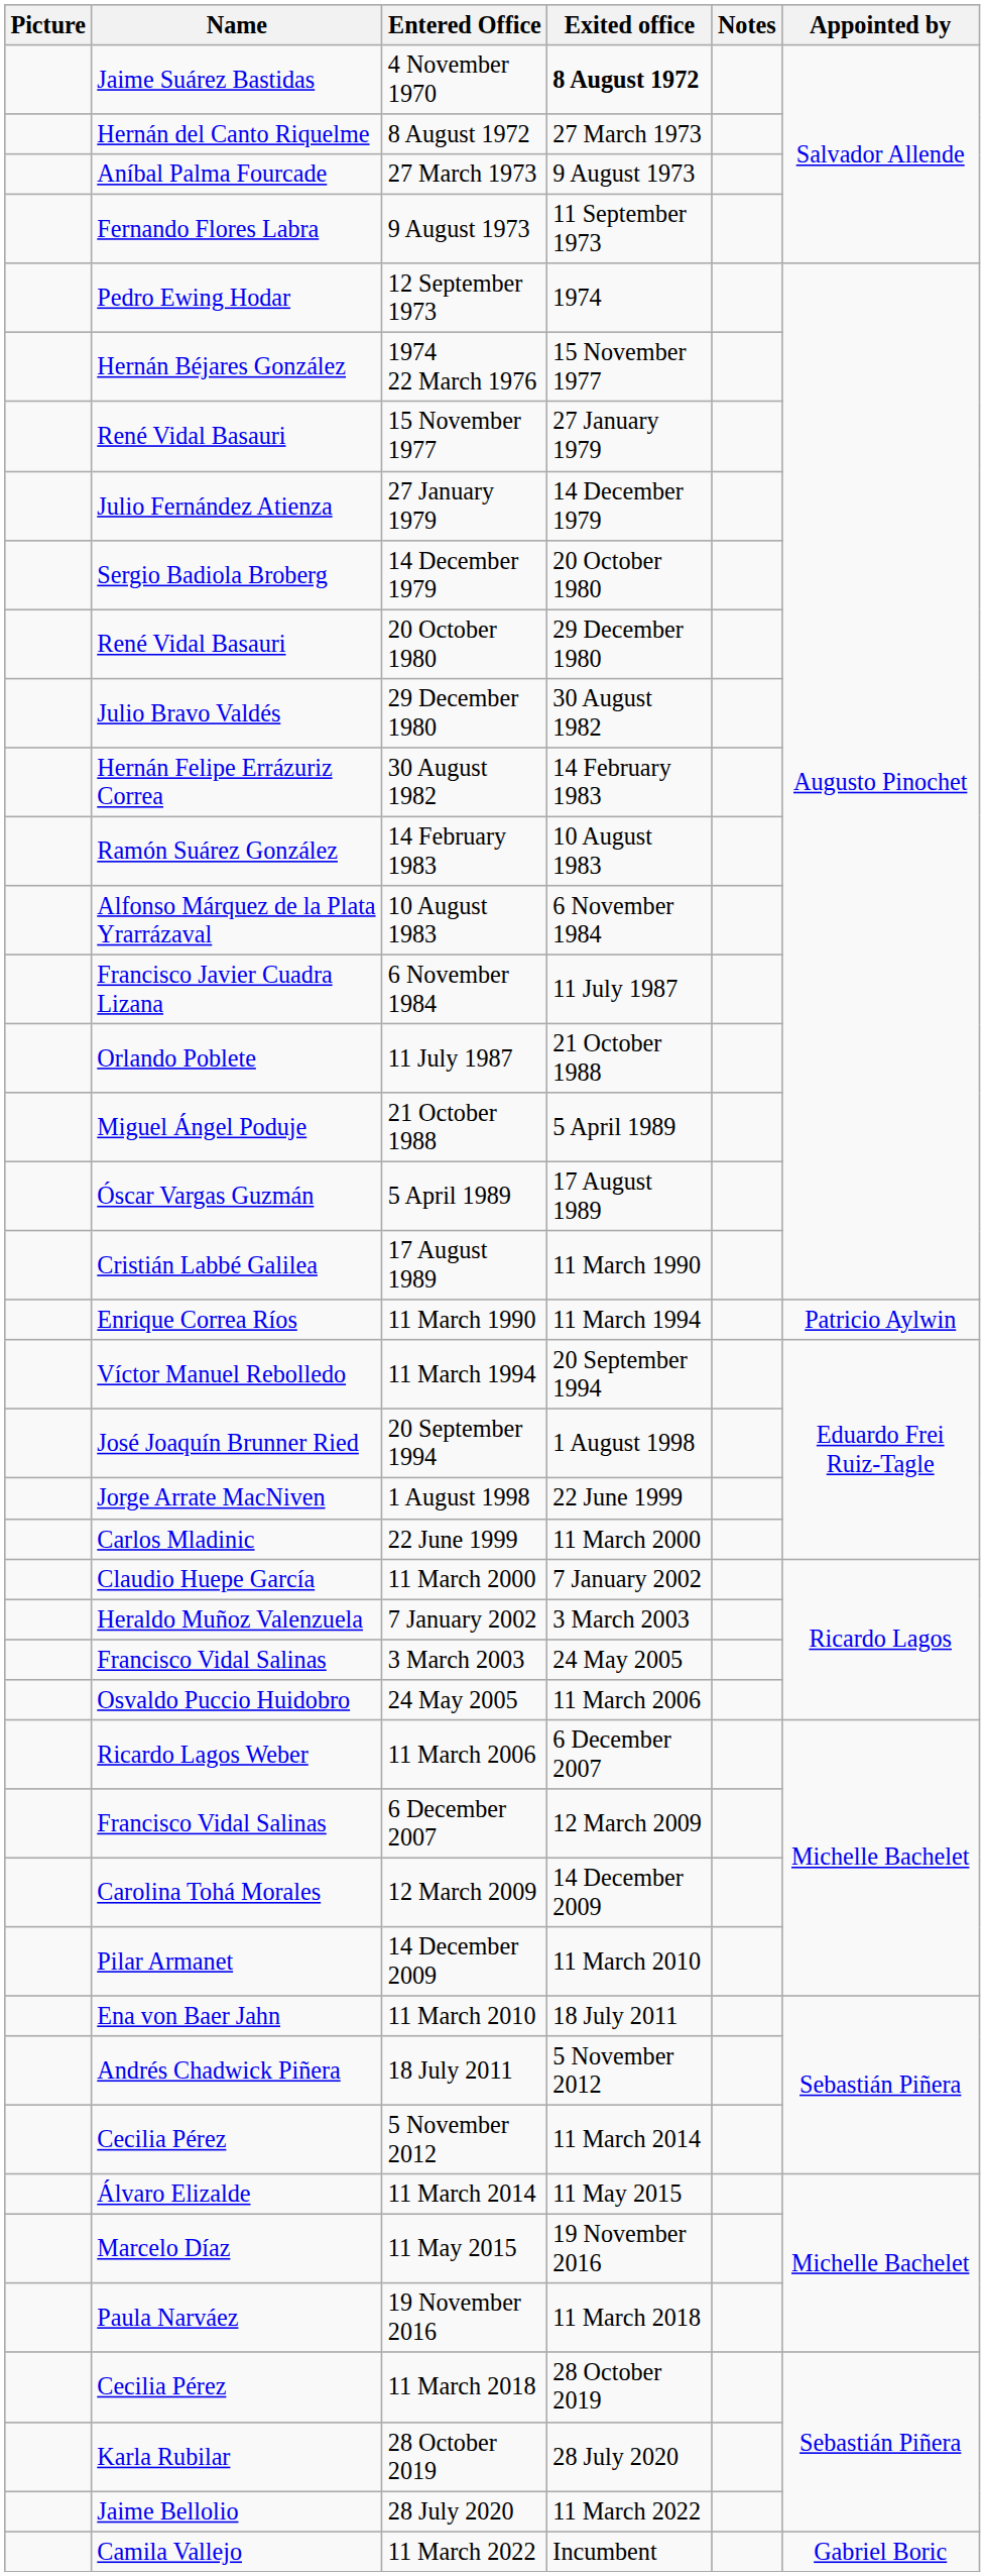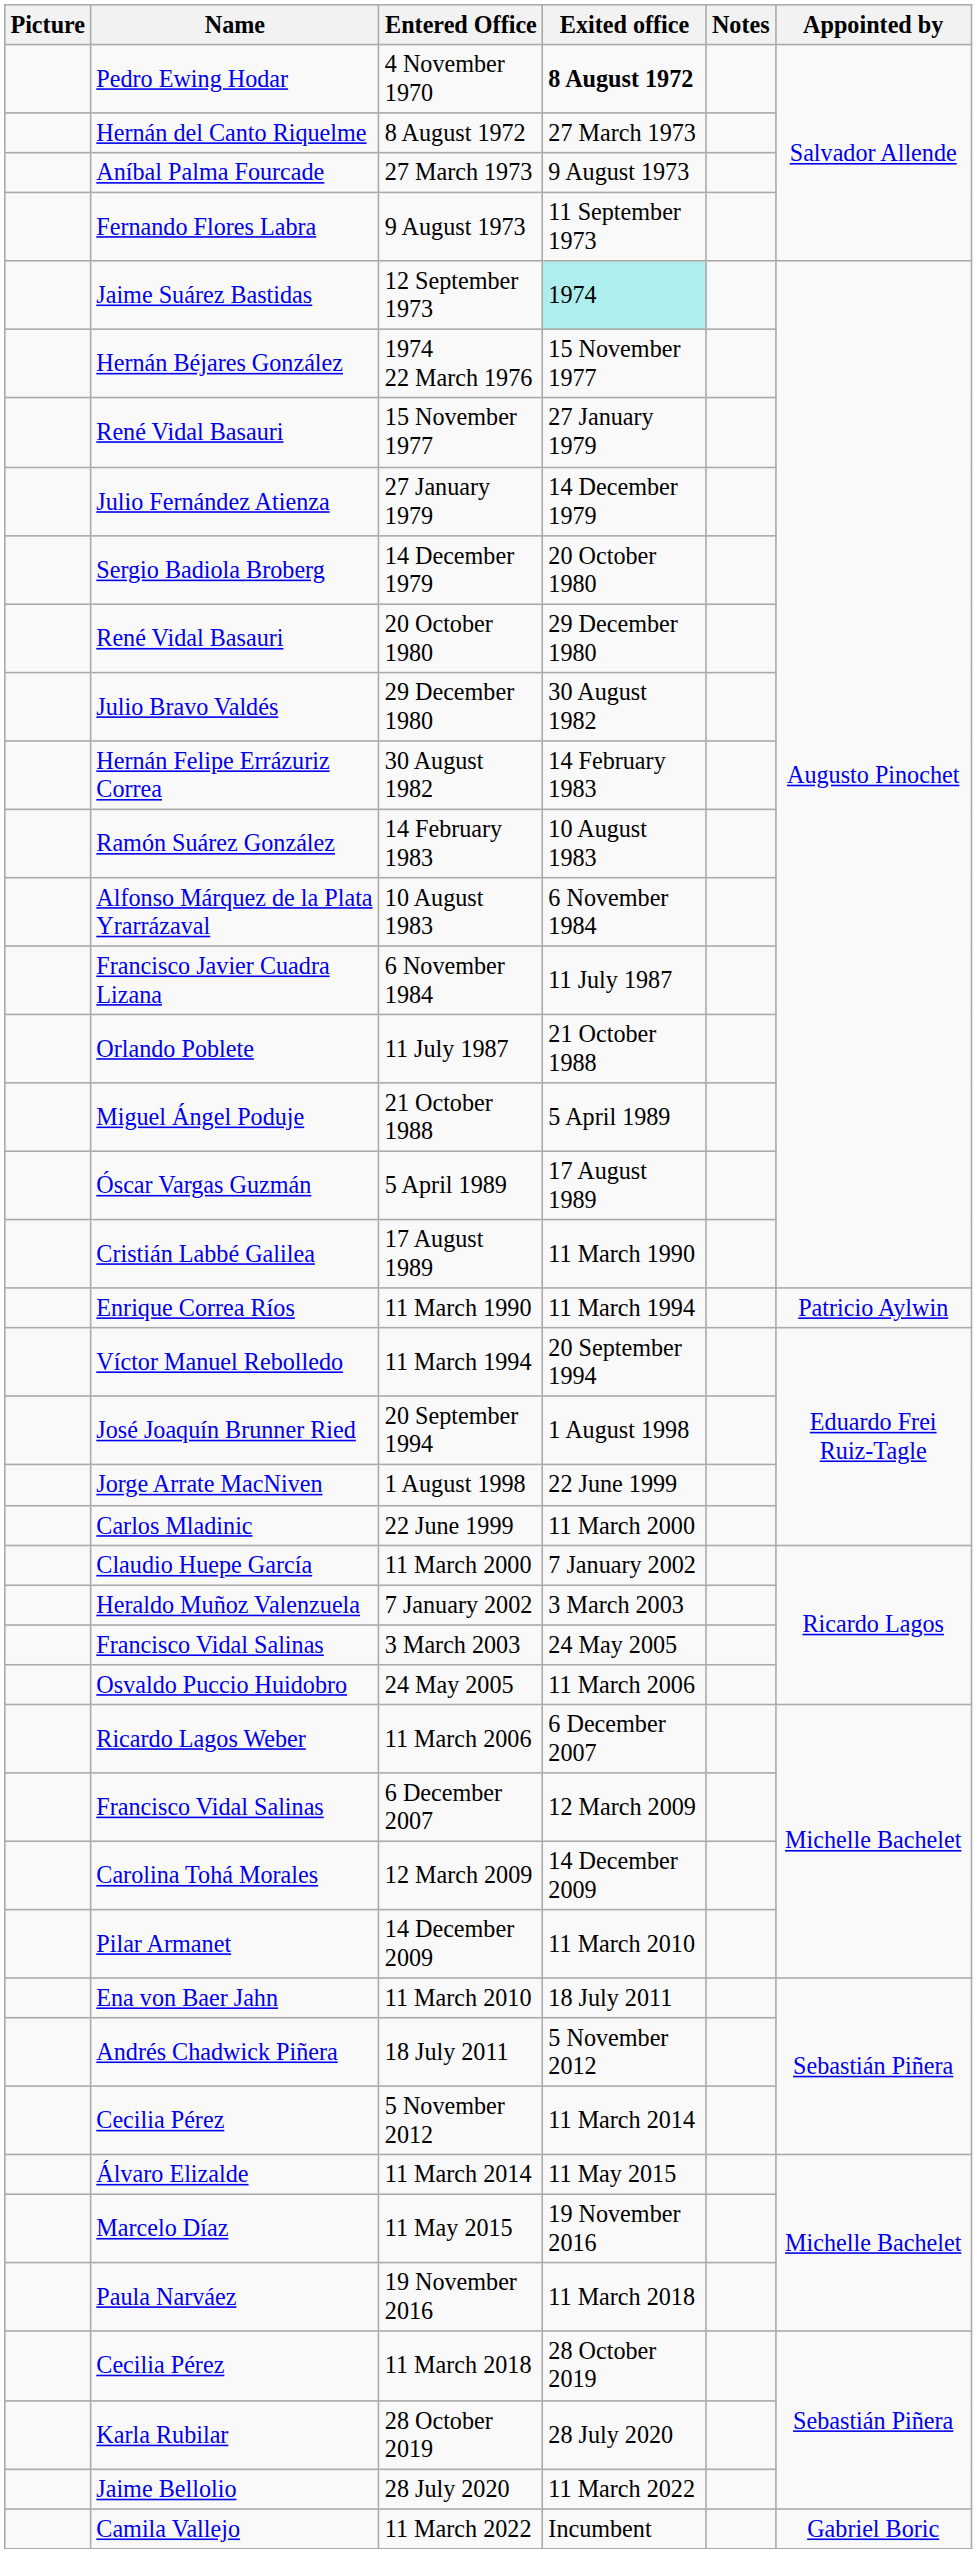 <table class="wikitable" style="font-size: 95%;">
 <tr>
 <th>Picture</th>
 <th>Name</th>
 <th>Entered Office</th>
 <th>Exited office</th>
 <th>Notes</th>
 <th>Appointed by</th>
 </tr>
 <tr>
 <td></td>
-<td><a href='#'>Jaime Suárez Bastidas</a></td>
+<td><a href='#'>Pedro Ewing Hodar</a></td>
 <td>4 November 1970</td>
 <td><strong>8 August 1972</strong></td>
 <td></td>
 <td rowspan=4 align=center><a href='#'>Salvador Allende</a></td>
 </tr>
 <tr>
 <td></td>
 <td><a href='#'>Hernán del Canto Riquelme</a></td>
 <td>8 August 1972</td>
 <td>27 March 1973</td>
 <td></td>
 </tr>
 <tr>
 <td></td>
 <td><a href='#'>Aníbal Palma Fourcade</a></td>
 <td>27 March 1973</td>
 <td>9 August 1973</td>
 <td></td>
 </tr>
 <tr>
 <td></td>
 <td><a href='#'>Fernando Flores Labra</a></td>
 <td>9 August 1973</td>
 <td>11 September 1973</td>
 <td></td>
 </tr>
 <tr>
 <td></td>
-<td><a href='#'>Pedro Ewing Hodar</a></td>
+<td><a href='#'>Jaime Suárez Bastidas</a></td>
 <td>12 September 1973</td>
-<td>1974</td>
+<td style="background: paleturquoise;">1974</td>
 <td></td>
 <td rowspan=15 align=center><a href='#'>Augusto Pinochet</a></td>
 </tr>
 <tr>
 <td></td>
 <td><a href='#'>Hernán Béjares González</a></td>
 <td>1974<br>22 March 1976</td>
 <td>15 November 1977</td>
 <td></td>
 </tr>
 <tr>
 <td></td>
 <td><a href='#'>René Vidal Basauri</a></td>
 <td>15 November 1977</td>
 <td>27 January 1979</td>
 <td></td>
 </tr>
 <tr>
 <td></td>
 <td><a href='#'>Julio Fernández Atienza</a></td>
 <td>27 January 1979</td>
 <td>14 December 1979</td>
 <td></td>
 </tr>
 <tr>
 <td></td>
 <td><a href='#'>Sergio Badiola Broberg</a></td>
 <td>14 December 1979</td>
 <td>20 October 1980</td>
 <td></td>
 </tr>
 <tr>
 <td></td>
 <td><a href='#'>René Vidal Basauri</a></td>
 <td>20 October 1980</td>
 <td>29 December 1980</td>
 <td></td>
 </tr>
 <tr>
 <td></td>
 <td><a href='#'>Julio Bravo Valdés</a></td>
 <td>29 December 1980</td>
 <td>30 August 1982</td>
 <td></td>
 </tr>
 <tr>
 <td></td>
 <td><a href='#'>Hernán Felipe Errázuriz Correa</a></td>
 <td>30 August 1982</td>
 <td>14 February 1983</td>
 <td></td>
 </tr>
 <tr>
 <td></td>
 <td><a href='#'>Ramón Suárez González</a></td>
 <td>14 February 1983</td>
 <td>10 August 1983</td>
 <td></td>
 </tr>
 <tr>
 <td></td>
 <td><a href='#'>Alfonso Márquez de la Plata Yrarrázaval</a></td>
 <td>10 August 1983</td>
 <td>6 November 1984</td>
 <td></td>
 </tr>
 <tr>
 <td></td>
 <td><a href='#'>Francisco Javier Cuadra Lizana</a></td>
 <td>6 November 1984</td>
 <td>11 July 1987</td>
 <td></td>
 </tr>
 <tr>
 <td></td>
 <td><a href='#'>Orlando Poblete</a></td>
 <td>11 July 1987</td>
 <td>21 October 1988</td>
 <td></td>
 </tr>
 <tr>
 <td></td>
 <td><a href='#'>Miguel Ángel Poduje</a></td>
 <td>21 October 1988</td>
 <td>5 April 1989</td>
 <td></td>
 </tr>
 <tr>
 <td></td>
 <td><a href='#'>Óscar Vargas Guzmán</a></td>
 <td>5 April 1989</td>
 <td>17 August 1989</td>
 <td></td>
 </tr>
 <tr>
 <td></td>
 <td><a href='#'>Cristián Labbé Galilea</a></td>
 <td>17 August 1989</td>
 <td>11 March 1990</td>
 <td></td>
 </tr>
 <tr>
 <td></td>
 <td><a href='#'>Enrique Correa Ríos</a></td>
 <td>11 March 1990</td>
 <td>11 March 1994</td>
 <td></td>
 <td align=center><a href='#'>Patricio Aylwin</a></td>
 </tr>
 <tr>
 <td></td>
 <td><a href='#'>Víctor Manuel Rebolledo</a></td>
 <td>11 March 1994</td>
 <td>20 September 1994</td>
 <td></td>
 <td rowspan=4 align=center><a href='#'>Eduardo Frei Ruiz-Tagle</a></td>
 </tr>
 <tr>
 <td></td>
 <td><a href='#'>José Joaquín Brunner Ried</a></td>
 <td>20 September 1994</td>
 <td>1 August 1998</td>
 <td></td>
 </tr>
 <tr>
 <td></td>
 <td><a href='#'>Jorge Arrate MacNiven</a></td>
 <td>1 August 1998</td>
 <td>22 June 1999</td>
 <td></td>
 </tr>
 <tr>
 <td></td>
 <td><a href='#'>Carlos Mladinic</a></td>
 <td>22 June 1999</td>
 <td>11 March 2000</td>
 <td></td>
 </tr>
 <tr>
 <td></td>
 <td><a href='#'>Claudio Huepe García</a></td>
 <td>11 March 2000</td>
 <td>7 January 2002</td>
 <td></td>
 <td rowspan=4 align=center><a href='#'>Ricardo Lagos</a></td>
 </tr>
 <tr>
 <td></td>
 <td><a href='#'>Heraldo Muñoz Valenzuela</a></td>
 <td>7 January 2002</td>
 <td>3 March 2003</td>
 <td></td>
 </tr>
 <tr>
 <td></td>
 <td><a href='#'>Francisco Vidal Salinas</a></td>
 <td>3 March 2003</td>
 <td>24 May 2005</td>
 <td></td>
 </tr>
 <tr>
 <td></td>
 <td><a href='#'>Osvaldo Puccio Huidobro</a></td>
 <td>24 May 2005</td>
 <td>11 March 2006</td>
 <td></td>
 </tr>
 <tr>
 <td></td>
 <td><a href='#'>Ricardo Lagos Weber</a></td>
 <td>11 March 2006</td>
 <td>6 December 2007</td>
 <td></td>
 <td rowspan=4 align=center><a href='#'>Michelle Bachelet</a></td>
 </tr>
 <tr>
 <td></td>
 <td><a href='#'>Francisco Vidal Salinas</a></td>
 <td>6 December 2007</td>
 <td>12 March 2009</td>
 </tr>
 <tr>
 <td></td>
 <td><a href='#'>Carolina Tohá Morales</a></td>
 <td>12 March 2009</td>
 <td>14 December 2009</td>
 <td></td>
 </tr>
 <tr>
 <td></td>
 <td><a href='#'>Pilar Armanet</a></td>
 <td>14 December 2009</td>
 <td>11 March 2010</td>
 <td></td>
 </tr>
 <tr>
 <td></td>
 <td><a href='#'>Ena von Baer Jahn</a></td>
 <td>11 March 2010</td>
 <td>18 July 2011</td>
 <td></td>
 <td rowspan=3 align=center><a href='#'>Sebastián Piñera</a></td>
 </tr>
 <tr>
 <td></td>
 <td><a href='#'>Andrés Chadwick Piñera</a></td>
 <td>18 July 2011</td>
 <td>5 November 2012</td>
 <td></td>
 </tr>
 <tr>
 <td></td>
 <td><a href='#'>Cecilia Pérez</a></td>
 <td>5 November 2012</td>
 <td>11 March 2014</td>
 <td></td>
 </tr>
 <tr>
 <td></td>
 <td><a href='#'>Álvaro Elizalde</a></td>
 <td>11 March 2014</td>
 <td>11 May 2015</td>
 <td></td>
 <td rowspan=3 align=center><a href='#'>Michelle Bachelet</a></td>
 </tr>
 <tr>
 <td></td>
 <td><a href='#'>Marcelo Díaz</a></td>
 <td>11 May 2015</td>
 <td>19 November 2016</td>
 </tr>
 <tr>
 <td></td>
 <td><a href='#'>Paula Narváez</a></td>
 <td>19 November 2016</td>
 <td>11 March 2018</td>
 <td></td>
 </tr>
 <tr>
 <td></td>
 <td><a href='#'>Cecilia Pérez</a></td>
 <td>11 March 2018</td>
 <td>28 October 2019</td>
 <td></td>
 <td rowspan=3 align=center><a href='#'>Sebastián Piñera</a></td>
 </tr>
 <tr>
 <td></td>
 <td><a href='#'>Karla Rubilar</a></td>
 <td>28 October 2019</td>
 <td>28 July 2020</td>
 </tr>
 <tr>
 <td></td>
 <td><a href='#'>Jaime Bellolio</a></td>
 <td>28 July 2020</td>
 <td>11 March 2022</td>
 <td></td>
 </tr>
 <tr>
 <td></td>
 <td><a href='#'>Camila Vallejo</a></td>
 <td>11 March 2022</td>
 <td>Incumbent</td>
 <td></td>
 <td rowspan=3 align=center><a href='#'>Gabriel Boric</a></td>
 </tr>
 <tr>
 </tr>
 </table>
